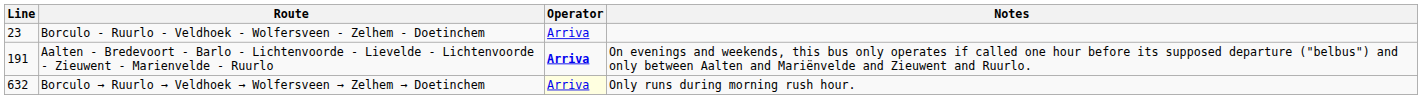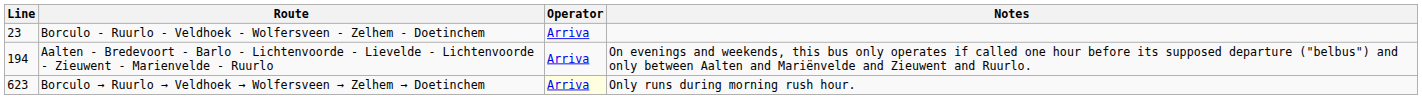 <table class="wikitable">
 <tr>
 <th>Line</th>
 <th>Route</th>
 <th>Operator</th>
 <th>Notes</th>
 </tr>
 <tr>
 <td>23</td>
 <td>Borculo - Ruurlo - Veldhoek - Wolfersveen - Zelhem - Doetinchem</td>
 <td><a href='#'>Arriva</a></td>
 <td></td>
 </tr>
 <tr>
-<td>191</td>
+<td>194</td>
 <td>Aalten - Bredevoort - Barlo - Lichtenvoorde - Lievelde - Lichtenvoorde - Zieuwent - Marienvelde - Ruurlo</td>
-<td><strong><a href='#'>Arriva</a></strong></td>
+<td><a href='#'>Arriva</a></td>
 <td>On evenings and weekends, this bus only operates if called one hour before its supposed departure ("belbus") and only between Aalten and Mariënvelde and Zieuwent and Ruurlo.</td>
 </tr>
 <tr>
-<td>632</td>
+<td>623</td>
 <td>Borculo → Ruurlo → Veldhoek → Wolfersveen → Zelhem → Doetinchem</td>
 <td style="background: lightyellow;"><a href='#'>Arriva</a></td>
 <td>Only runs during morning rush hour.</td>
 </tr>
 </table>
